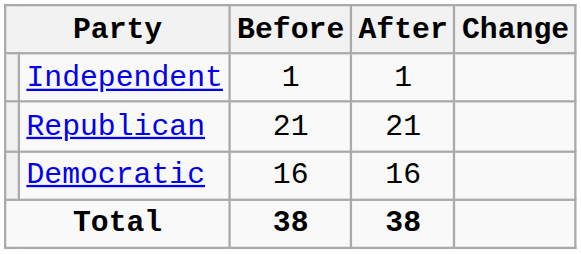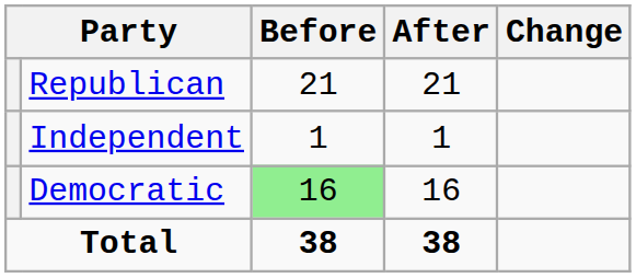 <table class="wikitable" style="text-align:center;">
 <tr>
 <th colspan="2">Party</th>
 <th>Before</th>
 <th>After</th>
 <th>Change</th>
+</tr>
+<tr>
+<th style="background-color:"></th>
+<td style="text-align:left;"><a href='#'>Republican</a></td>
+<td>21</td>
+<td>21</td>
+<td></td>
 </tr>
 <tr>
 <th style="background-color:"></th>
 <td style="text-align:left;"><a href='#'>Independent</a></td>
 <td>1</td>
 <td>1</td>
 <td></td>
 </tr>
 <tr>
 <th style="background-color:"></th>
-<td style="text-align:left;"><a href='#'>Republican</a></td>
-<td>21</td>
-<td>21</td>
-<td></td>
-</tr>
-<tr>
-<th style="background-color:"></th>
 <td style="text-align:left;"><a href='#'>Democratic</a></td>
-<td>16</td>
+<td style="background: lightgreen;">16</td>
 <td>16</td>
 <td></td>
 </tr>
 <tr>
 <td colspan="2"><strong>Total</strong></td>
 <td><strong>38</strong></td>
 <td><strong>38</strong></td>
 <td></td>
 </tr>
 </table>
